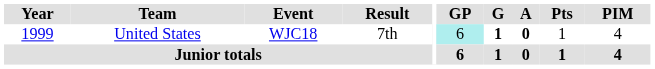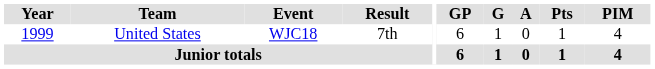 <table border="0" cellpadding="1" cellspacing="0" ID="Table3" style="text-align:center; width:40em">
 <tr ALIGN="center" bgcolor="#e0e0e0">
 <th>Year</th>
 <th>Team</th>
 <th>Event</th>
 <th>Result</th>
 <th rowspan="99" bgcolor="#ffffff"></th>
 <th>GP</th>
 <th>G</th>
 <th>A</th>
 <th>Pts</th>
 <th>PIM</th>
 </tr>
 <tr>
 <td><a href='#'>1999</a></td>
 <td><a href='#'>United States</a></td>
 <td><a href='#'>WJC18</a></td>
 <td>7th</td>
-<td style="background: paleturquoise;">6</td>
-<td><strong>1</strong></td>
-<td><strong>0</strong></td>
+<td>6</td>
+<td>1</td>
+<td>0</td>
 <td>1</td>
 <td>4</td>
 </tr>
 <tr bgcolor="#e0e0e0">
 <th colspan="4">Junior totals</th>
 <th>6</th>
 <th>1</th>
 <th>0</th>
 <th>1</th>
 <th>4</th>
 </tr>
 </table>
